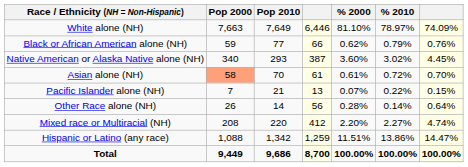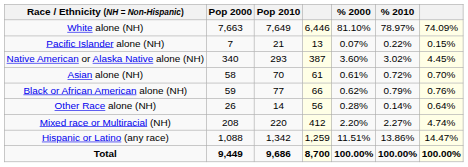 <table class="wikitable" style="text-align:center;">
 <tr>
 <th>Race / Ethnicity <small>(<em>NH = Non-Hispanic</em>)</small></th>
 <th>Pop 2000</th>
 <th>Pop 2010</th>
 <th></th>
 <th>% 2000</th>
 <th>% 2010</th>
 <th></th>
 </tr>
 <tr>
 <td><a href='#'>White</a> alone (NH)</td>
 <td>7,663</td>
 <td>7,649</td>
 <td style='background: #ffffe6;'>6,446</td>
 <td>81.10%</td>
 <td>78.97%</td>
 <td style='background: #ffffe6;'>74.09%</td>
 </tr>
 <tr>
-<td><a href='#'>Black or African American</a> alone (NH)</td>
-<td>59</td>
-<td>77</td>
-<td style='background: #ffffe6;'>66</td>
-<td>0.62%</td>
-<td>0.79%</td>
-<td style='background: #ffffe6;'>0.76%</td>
+<td><a href='#'>Pacific Islander</a> alone (NH)</td>
+<td>7</td>
+<td>21</td>
+<td style='background: #ffffe6;'>13</td>
+<td>0.07%</td>
+<td>0.22%</td>
+<td style='background: #ffffe6;'>0.15%</td>
 </tr>
 <tr>
 <td><a href='#'>Native American</a> or <a href='#'>Alaska Native</a> alone (NH)</td>
 <td>340</td>
 <td>293</td>
 <td style='background: #ffffe6;'>387</td>
 <td>3.60%</td>
 <td>3.02%</td>
 <td style='background: #ffffe6;'>4.45%</td>
 </tr>
 <tr>
 <td><a href='#'>Asian</a> alone (NH)</td>
-<td style="background: lightsalmon;">58</td>
+<td>58</td>
 <td>70</td>
 <td style='background: #ffffe6;'>61</td>
 <td>0.61%</td>
 <td>0.72%</td>
 <td style='background: #ffffe6;'>0.70%</td>
 </tr>
 <tr>
-<td><a href='#'>Pacific Islander</a> alone (NH)</td>
-<td>7</td>
-<td>21</td>
-<td style='background: #ffffe6;'>13</td>
-<td>0.07%</td>
-<td>0.22%</td>
-<td style='background: #ffffe6;'>0.15%</td>
+<td><a href='#'>Black or African American</a> alone (NH)</td>
+<td>59</td>
+<td>77</td>
+<td style='background: #ffffe6;'>66</td>
+<td>0.62%</td>
+<td>0.79%</td>
+<td style='background: #ffffe6;'>0.76%</td>
 </tr>
 <tr>
 <td><a href='#'>Other Race</a> alone (NH)</td>
 <td>26</td>
 <td>14</td>
 <td style='background: #ffffe6;'>56</td>
 <td>0.28%</td>
 <td>0.14%</td>
 <td style='background: #ffffe6;'>0.64%</td>
 </tr>
 <tr>
 <td><a href='#'>Mixed race or Multiracial</a> (NH)</td>
 <td>208</td>
 <td>220</td>
 <td style='background: #ffffe6;'>412</td>
 <td>2.20%</td>
 <td>2.27%</td>
 <td style='background: #ffffe6;'>4.74%</td>
 </tr>
 <tr>
 <td><a href='#'>Hispanic or Latino</a> (any race)</td>
 <td>1,088</td>
 <td>1,342</td>
 <td style='background: #ffffe6;'>1,259</td>
 <td>11.51%</td>
 <td>13.86%</td>
 <td style='background: #ffffe6;'>14.47%</td>
 </tr>
 <tr>
 <td><strong>Total</strong></td>
 <td><strong>9,449</strong></td>
 <td><strong>9,686</strong></td>
 <td style='background: #ffffe6;'><strong>8,700</strong></td>
 <td><strong>100.00%</strong></td>
 <td><strong>100.00%</strong></td>
 <td style='background: #ffffe6;'><strong>100.00%</strong></td>
 </tr>
 </table>
